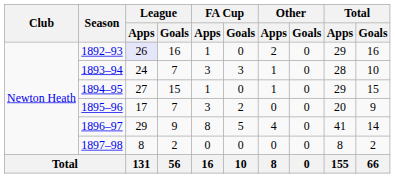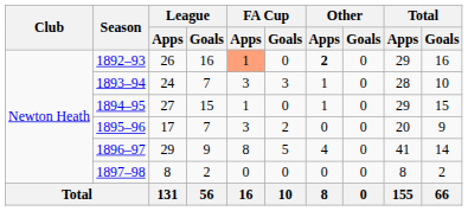 <table class="wikitable" style="text-align:center">
 <tr>
 <th rowspan="2">Club</th>
 <th rowspan="2">Season</th>
 <th colspan="2">League</th>
 <th colspan="2">FA Cup</th>
 <th colspan="2">Other</th>
 <th colspan="2">Total</th>
 </tr>
 <tr>
 <th>Apps</th>
 <th>Goals</th>
 <th>Apps</th>
 <th>Goals</th>
 <th>Apps</th>
 <th>Goals</th>
 <th>Apps</th>
 <th>Goals</th>
 </tr>
 <tr>
 <td rowspan="6"><a href='#'>Newton Heath</a></td>
 <td><a href='#'>1892–93</a></td>
-<td style="background: lavender;">26</td>
+<td>26</td>
 <td>16</td>
-<td>1</td>
+<td style="background: lightsalmon;">1</td>
 <td>0</td>
-<td>2</td>
+<td><strong>2</strong></td>
 <td>0</td>
 <td>29</td>
 <td>16</td>
 </tr>
 <tr>
 <td><a href='#'>1893–94</a></td>
 <td>24</td>
 <td>7</td>
 <td>3</td>
 <td>3</td>
 <td>1</td>
 <td>0</td>
 <td>28</td>
 <td>10</td>
 </tr>
 <tr>
 <td><a href='#'>1894–95</a></td>
 <td>27</td>
 <td>15</td>
 <td>1</td>
 <td>0</td>
 <td>1</td>
 <td>0</td>
 <td>29</td>
 <td>15</td>
 </tr>
 <tr>
 <td><a href='#'>1895–96</a></td>
 <td>17</td>
 <td>7</td>
 <td>3</td>
 <td>2</td>
 <td>0</td>
 <td>0</td>
 <td>20</td>
 <td>9</td>
 </tr>
 <tr>
 <td><a href='#'>1896–97</a></td>
 <td>29</td>
 <td>9</td>
 <td>8</td>
 <td>5</td>
 <td>4</td>
 <td>0</td>
 <td>41</td>
 <td>14</td>
 </tr>
 <tr>
 <td><a href='#'>1897–98</a></td>
 <td>8</td>
 <td>2</td>
 <td>0</td>
 <td>0</td>
 <td>0</td>
 <td>0</td>
 <td>8</td>
 <td>2</td>
 </tr>
 <tr>
 <th colspan="2">Total</th>
 <th>131</th>
 <th>56</th>
 <th>16</th>
 <th>10</th>
 <th>8</th>
 <th>0</th>
 <th>155</th>
 <th>66</th>
 </tr>
 </table>
